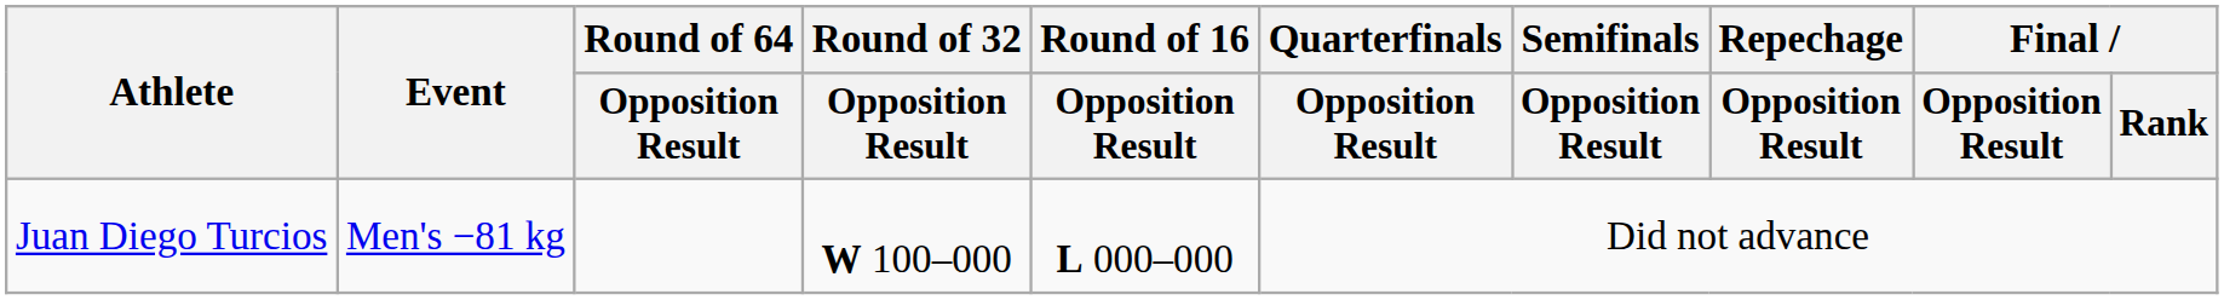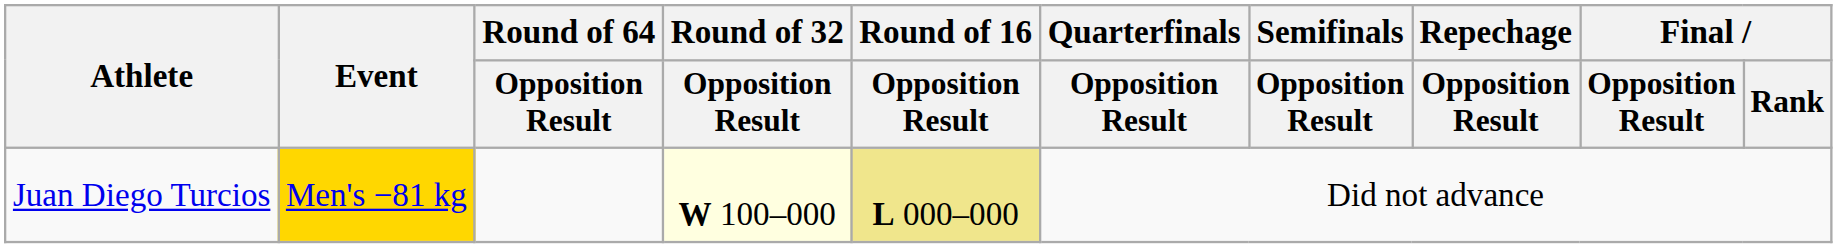 <table class="wikitable" style="font-size:90%">
 <tr>
 <th rowspan="2">Athlete</th>
 <th rowspan="2">Event</th>
 <th>Round of 64</th>
 <th>Round of 32</th>
 <th>Round of 16</th>
 <th>Quarterfinals</th>
 <th>Semifinals</th>
 <th>Repechage</th>
 <th colspan=2>Final / </th>
 </tr>
 <tr style="font-size:95%">
 <th>Opposition<br>Result</th>
 <th>Opposition<br>Result</th>
 <th>Opposition<br>Result</th>
 <th>Opposition<br>Result</th>
 <th>Opposition<br>Result</th>
 <th>Opposition<br>Result</th>
 <th>Opposition<br>Result</th>
 <th>Rank</th>
 </tr>
 <tr align=center>
 <td align=left><a href='#'>Juan Diego Turcios</a></td>
-<td align=left><a href='#'>Men's −81 kg</a></td>
+<td align=left style="background: gold;"><a href='#'>Men's −81 kg</a></td>
 <td></td>
-<td><br><strong>W</strong> 100–000</td>
-<td><br><strong>L</strong> 000–000 </td>
+<td style="background: lightyellow;"><br><strong>W</strong> 100–000</td>
+<td style="background: khaki;"><br><strong>L</strong> 000–000 </td>
 <td colspan=5>Did not advance</td>
 </tr>
 </table>
